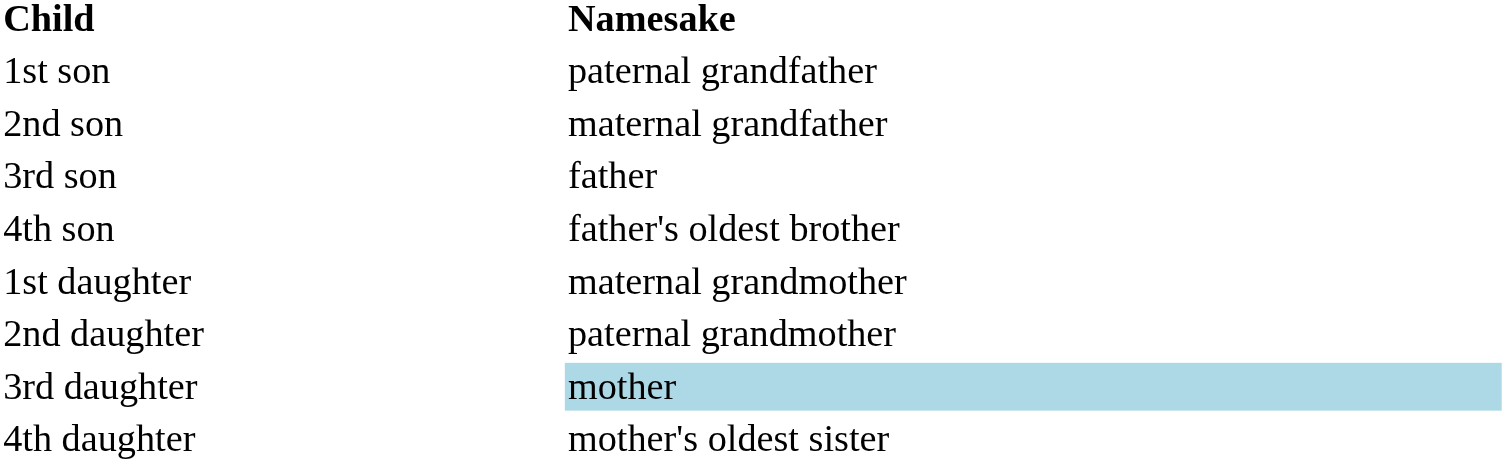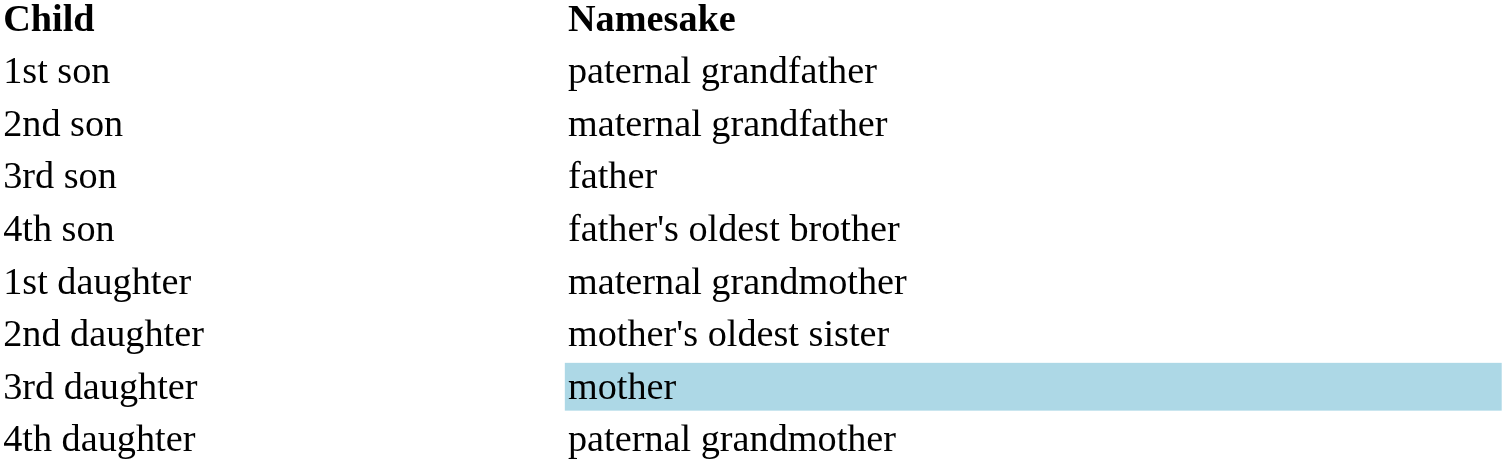 <table width=50% |gap=4em>
 <tr>
 <td><strong>Child</strong></td>
 <td><strong>Namesake</strong></td>
 </tr>
 <tr>
 <td>1st son</td>
 <td>paternal grandfather</td>
 </tr>
 <tr>
 <td>2nd son</td>
 <td>maternal grandfather</td>
 </tr>
 <tr>
 <td>3rd son</td>
 <td>father</td>
 </tr>
 <tr>
 <td>4th son</td>
 <td>father's oldest brother</td>
 </tr>
 <tr>
 <td>1st daughter</td>
 <td>maternal grandmother</td>
 </tr>
 <tr>
 <td>2nd daughter</td>
-<td>paternal grandmother</td>
+<td>mother's oldest sister</td>
 </tr>
 <tr>
 <td>3rd daughter</td>
 <td style="background: lightblue;">mother</td>
 </tr>
 <tr>
 <td>4th daughter</td>
-<td>mother's oldest sister</td>
+<td>paternal grandmother</td>
 </tr>
 </table>
